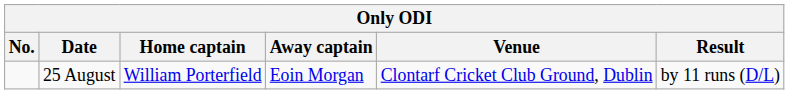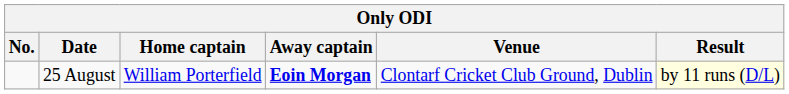 <table class="wikitable">
 <tr>
 <th colspan="6">Only ODI</th>
 </tr>
 <tr>
 <th>No.</th>
 <th>Date</th>
 <th>Home captain</th>
 <th>Away captain</th>
 <th>Venue</th>
 <th>Result</th>
 </tr>
 <tr>
 <td></td>
 <td>25 August</td>
 <td><a href='#'>William Porterfield</a></td>
-<td><a href='#'>Eoin Morgan</a></td>
+<td><strong><a href='#'>Eoin Morgan</a></strong></td>
 <td><a href='#'>Clontarf Cricket Club Ground</a>, <a href='#'>Dublin</a></td>
-<td> by 11 runs (<a href='#'>D/L</a>)</td>
+<td style="background: lightyellow;"> by 11 runs (<a href='#'>D/L</a>)</td>
 </tr>
 </table>
